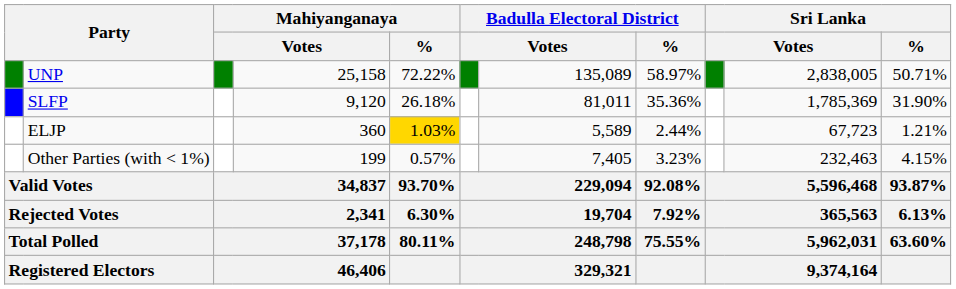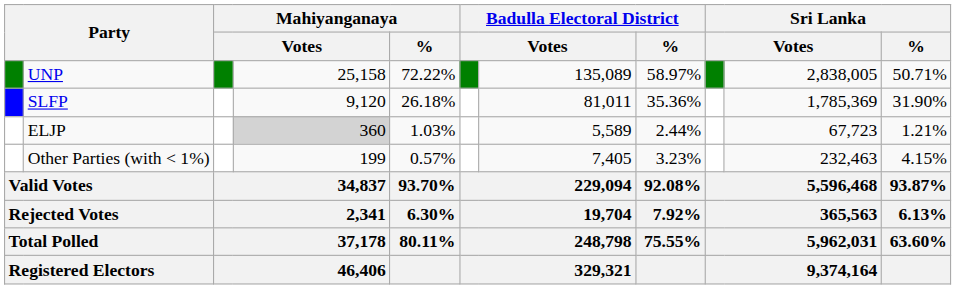 <table class="wikitable">
 <tr>
 <th colspan="2" width="144px"rowspan="2">Party</th>
 <th colspan="3" width="216px">Mahiyanganaya</th>
 <th colspan="3" width="216px"><a href='#'>Badulla Electoral District</a></th>
 <th colspan="3" width="216px">Sri Lanka</th>
 </tr>
 <tr>
 <th colspan="2" width="144px">Votes</th>
 <th>%</th>
 <th colspan="2" width="144px">Votes</th>
 <th>%</th>
 <th colspan="2" width="144px">Votes</th>
 <th>%</th>
 </tr>
 <tr>
 <td style="background-color:green;" width="10px"></td>
 <td style="text-align:left;"><a href='#'>UNP</a></td>
 <td style="background-color:green;" width="10px"></td>
 <td style="text-align:right;">25,158</td>
 <td style="text-align:right;">72.22%</td>
 <td style="background-color:green;" width="10px"></td>
 <td style="text-align:right;">135,089</td>
 <td style="text-align:right;">58.97%</td>
 <td style="background-color:green;" width="10px"></td>
 <td style="text-align:right;">2,838,005</td>
 <td style="text-align:right;">50.71%</td>
 </tr>
 <tr>
 <td style="background-color:blue;" width="10px"></td>
 <td style="text-align:left;"><a href='#'>SLFP</a></td>
 <td style="background-color:white;" width="10px"></td>
 <td style="text-align:right;">9,120</td>
 <td style="text-align:right;">26.18%</td>
 <td style="background-color:white;" width="10px"></td>
 <td style="text-align:right;">81,011</td>
 <td style="text-align:right;">35.36%</td>
 <td style="background-color:white;" width="10px"></td>
 <td style="text-align:right;">1,785,369</td>
 <td style="text-align:right;">31.90%</td>
 </tr>
 <tr>
 <td style="background-color:white;" width="10px"></td>
 <td style="text-align:left;">ELJP</td>
 <td style="background-color:white;" width="10px"></td>
-<td style="text-align:right;">360</td>
-<td style="background: gold; text-align:right;">1.03%</td>
+<td style="background: lightgrey; text-align:right;">360</td>
+<td style="text-align:right;">1.03%</td>
 <td style="background-color:white;" width="10px"></td>
 <td style="text-align:right;">5,589</td>
 <td style="text-align:right;">2.44%</td>
 <td style="background-color:white;" width="10px"></td>
 <td style="text-align:right;">67,723</td>
 <td style="text-align:right;">1.21%</td>
 </tr>
 <tr>
 <td style="background-color:white;" width="10px"></td>
 <td style="text-align:left;">Other Parties (with < 1%)</td>
 <td style="background-color:white;" width="10px"></td>
 <td style="text-align:right;">199</td>
 <td style="text-align:right;">0.57%</td>
 <td style="background-color:white;" width="10px"></td>
 <td style="text-align:right;">7,405</td>
 <td style="text-align:right;">3.23%</td>
 <td style="background-color:white;" width="10px"></td>
 <td style="text-align:right;">232,463</td>
 <td style="text-align:right;">4.15%</td>
 </tr>
 <tr>
 <th colspan="2" width="144px"style="text-align:left;">Valid Votes</th>
 <th style="text-align:right;"colspan="2" width="144px">34,837</th>
 <th style="text-align:right;">93.70%</th>
 <th style="text-align:right;"colspan="2" width="144px">229,094</th>
 <th style="text-align:right;">92.08%</th>
 <th style="text-align:right;"colspan="2" width="144px">5,596,468</th>
 <th style="text-align:right;">93.87%</th>
 </tr>
 <tr>
 <th colspan="2" width="144px"style="text-align:left;">Rejected Votes</th>
 <th style="text-align:right;"colspan="2" width="144px">2,341</th>
 <th style="text-align:right;">6.30%</th>
 <th style="text-align:right;"colspan="2" width="144px">19,704</th>
 <th style="text-align:right;">7.92%</th>
 <th style="text-align:right;"colspan="2" width="144px">365,563</th>
 <th style="text-align:right;">6.13%</th>
 </tr>
 <tr>
 <th colspan="2" width="144px"style="text-align:left;">Total Polled</th>
 <th style="text-align:right;"colspan="2" width="144px">37,178</th>
 <th style="text-align:right;">80.11%</th>
 <th style="text-align:right;"colspan="2" width="144px">248,798</th>
 <th style="text-align:right;">75.55%</th>
 <th style="text-align:right;"colspan="2" width="144px">5,962,031</th>
 <th style="text-align:right;">63.60%</th>
 </tr>
 <tr>
 <th colspan="2" width="144px"style="text-align:left;">Registered Electors</th>
 <th style="text-align:right;"colspan="2" width="144px">46,406</th>
 <th></th>
 <th style="text-align:right;"colspan="2" width="144px">329,321</th>
 <th></th>
 <th style="text-align:right;"colspan="2" width="144px">9,374,164</th>
 <th></th>
 </tr>
 </table>
